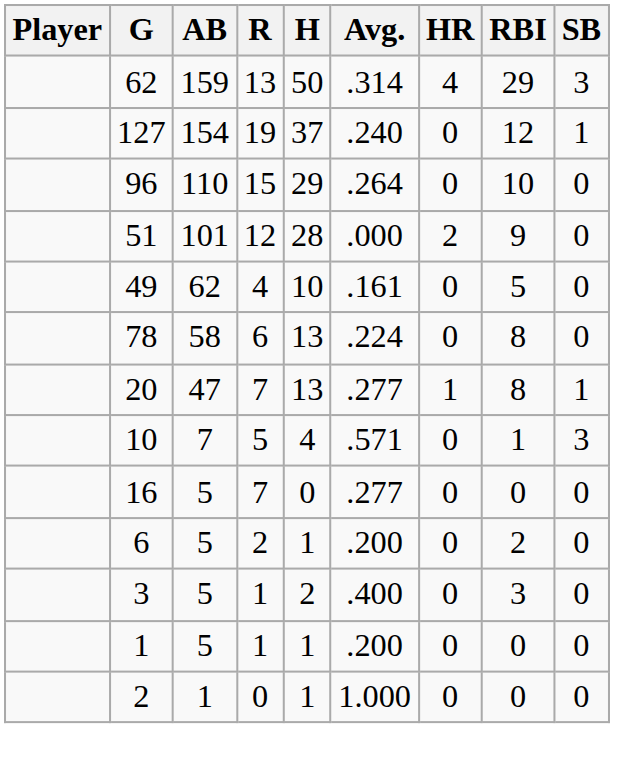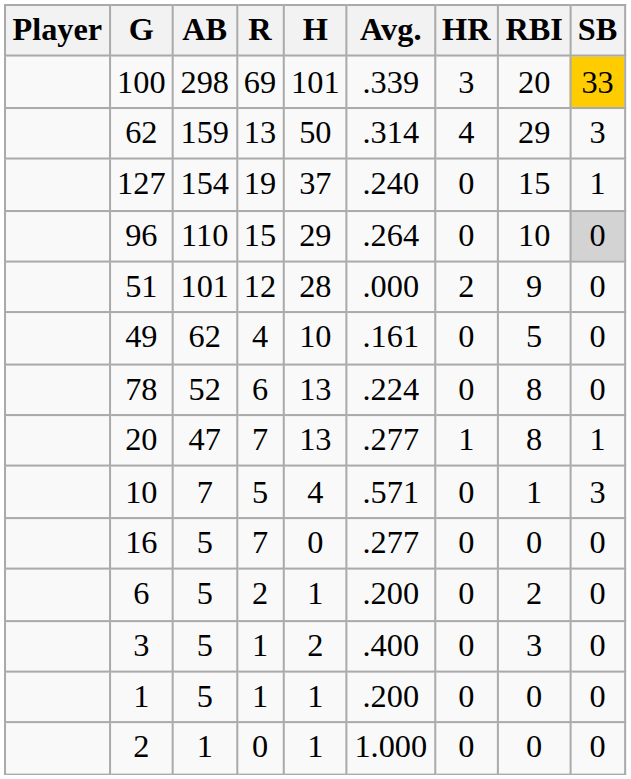 <table class="wikitable sortable">
 <tr>
 <th>Player</th>
 <th>G</th>
 <th>AB</th>
 <th>R</th>
 <th>H</th>
 <th>Avg.</th>
 <th>HR</th>
 <th>RBI</th>
 <th>SB</th>
+</tr>
+<tr align="center">
+<td></td>
+<td>100</td>
+<td>298</td>
+<td>69</td>
+<td>101</td>
+<td>.339</td>
+<td>3</td>
+<td>20</td>
+<td bgcolor="#FFCC00">33</td>
 </tr>
 <tr align="center">
 <td></td>
 <td>62</td>
 <td>159</td>
 <td>13</td>
 <td>50</td>
 <td>.314</td>
 <td>4</td>
 <td>29</td>
 <td>3</td>
 </tr>
 <tr align=center>
 <td></td>
 <td>127</td>
 <td>154</td>
 <td>19</td>
 <td>37</td>
 <td>.240</td>
 <td>0</td>
-<td>12</td>
+<td>15</td>
 <td>1</td>
 </tr>
 <tr align="center">
 <td></td>
 <td>96</td>
 <td>110</td>
 <td>15</td>
 <td>29</td>
 <td>.264</td>
 <td>0</td>
 <td>10</td>
-<td>0</td>
+<td style="background: lightgrey;">0</td>
 </tr>
 <tr align="center">
 <td></td>
 <td>51</td>
 <td>101</td>
 <td>12</td>
 <td>28</td>
 <td>.000</td>
 <td>2</td>
 <td>9</td>
 <td>0</td>
 </tr>
 <tr align="center">
 <td></td>
 <td>49</td>
 <td>62</td>
 <td>4</td>
 <td>10</td>
 <td>.161</td>
 <td>0</td>
 <td>5</td>
 <td>0</td>
 </tr>
 <tr align="center">
 <td></td>
 <td>78</td>
-<td>58</td>
+<td>52</td>
 <td>6</td>
 <td>13</td>
 <td>.224</td>
 <td>0</td>
 <td>8</td>
 <td>0</td>
 </tr>
 <tr align="center">
 <td></td>
 <td>20</td>
 <td>47</td>
 <td>7</td>
 <td>13</td>
 <td>.277</td>
 <td>1</td>
 <td>8</td>
 <td>1</td>
 </tr>
 <tr align="center">
 <td></td>
 <td>10</td>
 <td>7</td>
 <td>5</td>
 <td>4</td>
 <td>.571</td>
 <td>0</td>
 <td>1</td>
 <td>3</td>
 </tr>
 <tr align="center">
 <td></td>
 <td>16</td>
 <td>5</td>
 <td>7</td>
 <td>0</td>
 <td>.277</td>
 <td>0</td>
 <td>0</td>
 <td>0</td>
 </tr>
 <tr align="center">
 <td></td>
 <td>6</td>
 <td>5</td>
 <td>2</td>
 <td>1</td>
 <td>.200</td>
 <td>0</td>
 <td>2</td>
 <td>0</td>
 </tr>
 <tr align="center">
 <td></td>
 <td>3</td>
 <td>5</td>
 <td>1</td>
 <td>2</td>
 <td>.400</td>
 <td>0</td>
 <td>3</td>
 <td>0</td>
 </tr>
 <tr align="center">
 <td></td>
 <td>1</td>
 <td>5</td>
 <td>1</td>
 <td>1</td>
 <td>.200</td>
 <td>0</td>
 <td>0</td>
 <td>0</td>
 </tr>
 <tr align="center">
 <td></td>
 <td>2</td>
 <td>1</td>
 <td>0</td>
 <td>1</td>
 <td>1.000</td>
 <td>0</td>
 <td>0</td>
 <td>0</td>
 </tr>
 </table>
